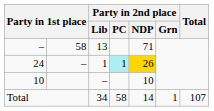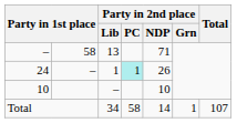 <table class="wikitable" style="text-align:right;">
 <tr>
 <th rowspan="2" colspan="2" style="text-align:left;">Party in 1st place</th>
 <th colspan="4">Party in 2nd place</th>
 <th rowspan="2">Total</th>
 </tr>
 <tr>
 <th>Lib</th>
 <th>PC</th>
 <th>NDP</th>
 <th>Grn</th>
 </tr>
 <tr>
 <td>–</td>
 <td>58</td>
 <td>13</td>
 <td></td>
 <td>71</td>
 </tr>
 <tr>
 <td>24</td>
 <td>–</td>
 <td>1</td>
 <td style="background: paleturquoise;">1</td>
-<td style="background: gold;">26</td>
+<td>26</td>
 </tr>
 <tr>
 <td>10</td>
 <td></td>
 <td>–</td>
 <td></td>
 <td>10</td>
 </tr>
 <tr>
 <td colspan="2" style="text-align:left;">Total</td>
 <td>34</td>
 <td>58</td>
 <td>14</td>
 <td>1</td>
 <td>107</td>
 </tr>
 </table>
